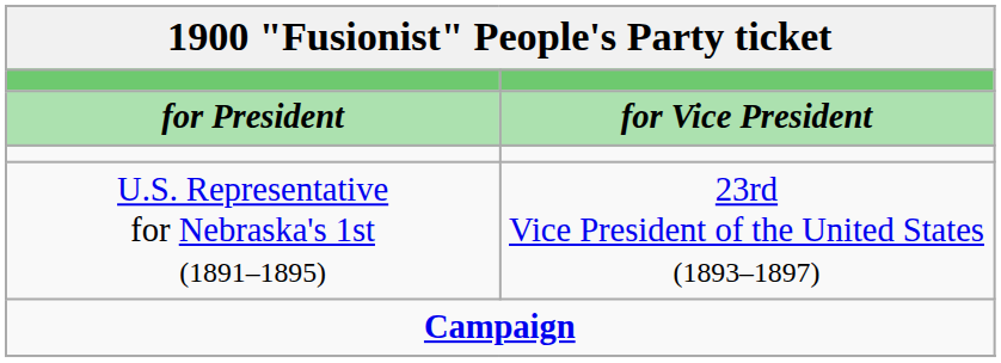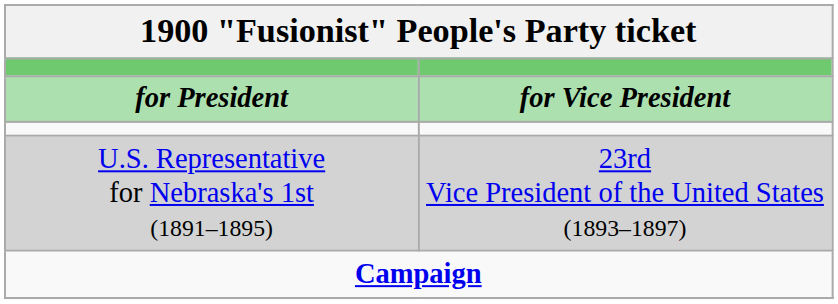 <table class="wikitable" style="font-size:90%; text-align:center;">
 <tr>
 <td style="background:#f1f1f1;" colspan="30"><big><strong>1900 "Fusionist" People's Party ticket</strong></big></td>
 </tr>
 <tr>
 <th style="width:3em; font-size:135%; background:#6EC96F; width:200px;"><a href='#'></a></th>
 <th style="width:3em; font-size:135%; background:#6EC96F; width:200px;"><a href='#'></a></th>
 </tr>
 <tr>
 <td style="width:3em; font-size:100%; color:#000; background:#ACE1AF; width:200px;"><strong><em>for President</em></strong></td>
 <td style="width:3em; font-size:100%; color:#000; background:#ACE1AF; width:200px;"><strong><em>for Vice President</em></strong></td>
 </tr>
 <tr>
 <td></td>
 <td></td>
 </tr>
 <tr>
-<td><a href='#'>U.S. Representative</a><br>for <a href='#'>Nebraska's 1st</a><br><small>(1891–1895)</small></td>
-<td><a href='#'>23rd</a><br><a href='#'>Vice President of the United States</a><br><small>(1893–1897)</small></td>
+<td style="background: lightgrey;"><a href='#'>U.S. Representative</a><br>for <a href='#'>Nebraska's 1st</a><br><small>(1891–1895)</small></td>
+<td style="background: lightgrey;"><a href='#'>23rd</a><br><a href='#'>Vice President of the United States</a><br><small>(1893–1897)</small></td>
 </tr>
 <tr>
 <td colspan=2><a href='#'><strong>Campaign</strong></a></td>
 </tr>
 <tr>
 </tr>
 </table>
